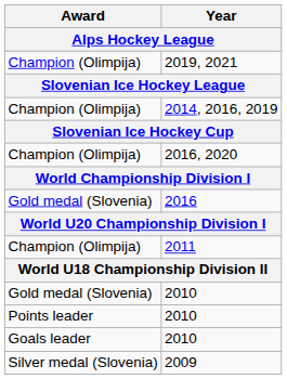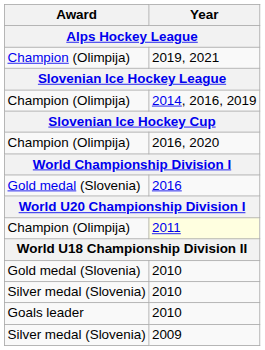 <table class="wikitable">
 <tr>
 <th>Award</th>
 <th>Year</th>
 </tr>
 <tr ALIGN="center" bgcolor="#e0e0e0">
 <th colspan="2"><a href='#'>Alps Hockey League</a></th>
 </tr>
 <tr>
 <td><a href='#'>Champion</a> (Olimpija)</td>
 <td>2019, 2021</td>
 </tr>
 <tr>
 <th colspan="2"><a href='#'>Slovenian Ice Hockey League</a></th>
 </tr>
 <tr>
 <td>Champion (Olimpija)</td>
 <td><a href='#'>2014</a>, 2016, 2019</td>
 </tr>
 <tr>
 <th colspan="2"><a href='#'>Slovenian Ice Hockey Cup</a></th>
 </tr>
 <tr>
 <td>Champion (Olimpija)</td>
 <td>2016, 2020</td>
 </tr>
 <tr>
 <th colspan="2"><a href='#'>World Championship Division I</a></th>
 </tr>
 <tr>
 <td><a href='#'>Gold medal</a> (Slovenia)</td>
 <td><a href='#'>2016</a></td>
 </tr>
 <tr>
 <th colspan="2"><a href='#'>World U20 Championship Division I</a></th>
 </tr>
 <tr>
 <td>Champion (Olimpija)</td>
-<td><a href='#'>2011</a></td>
+<td style="background: lightyellow;"><a href='#'>2011</a></td>
 </tr>
 <tr>
 <th colspan="2">World U18 Championship Division II</th>
 </tr>
 <tr>
 <td>Gold medal (Slovenia)</td>
 <td>2010</td>
 </tr>
 <tr>
-<td>Points leader</td>
+<td>Silver medal (Slovenia)</td>
 <td>2010</td>
 </tr>
 <tr>
 <td>Goals leader</td>
 <td>2010</td>
 </tr>
 <tr>
 <td>Silver medal (Slovenia)</td>
 <td>2009</td>
 </tr>
 </table>
